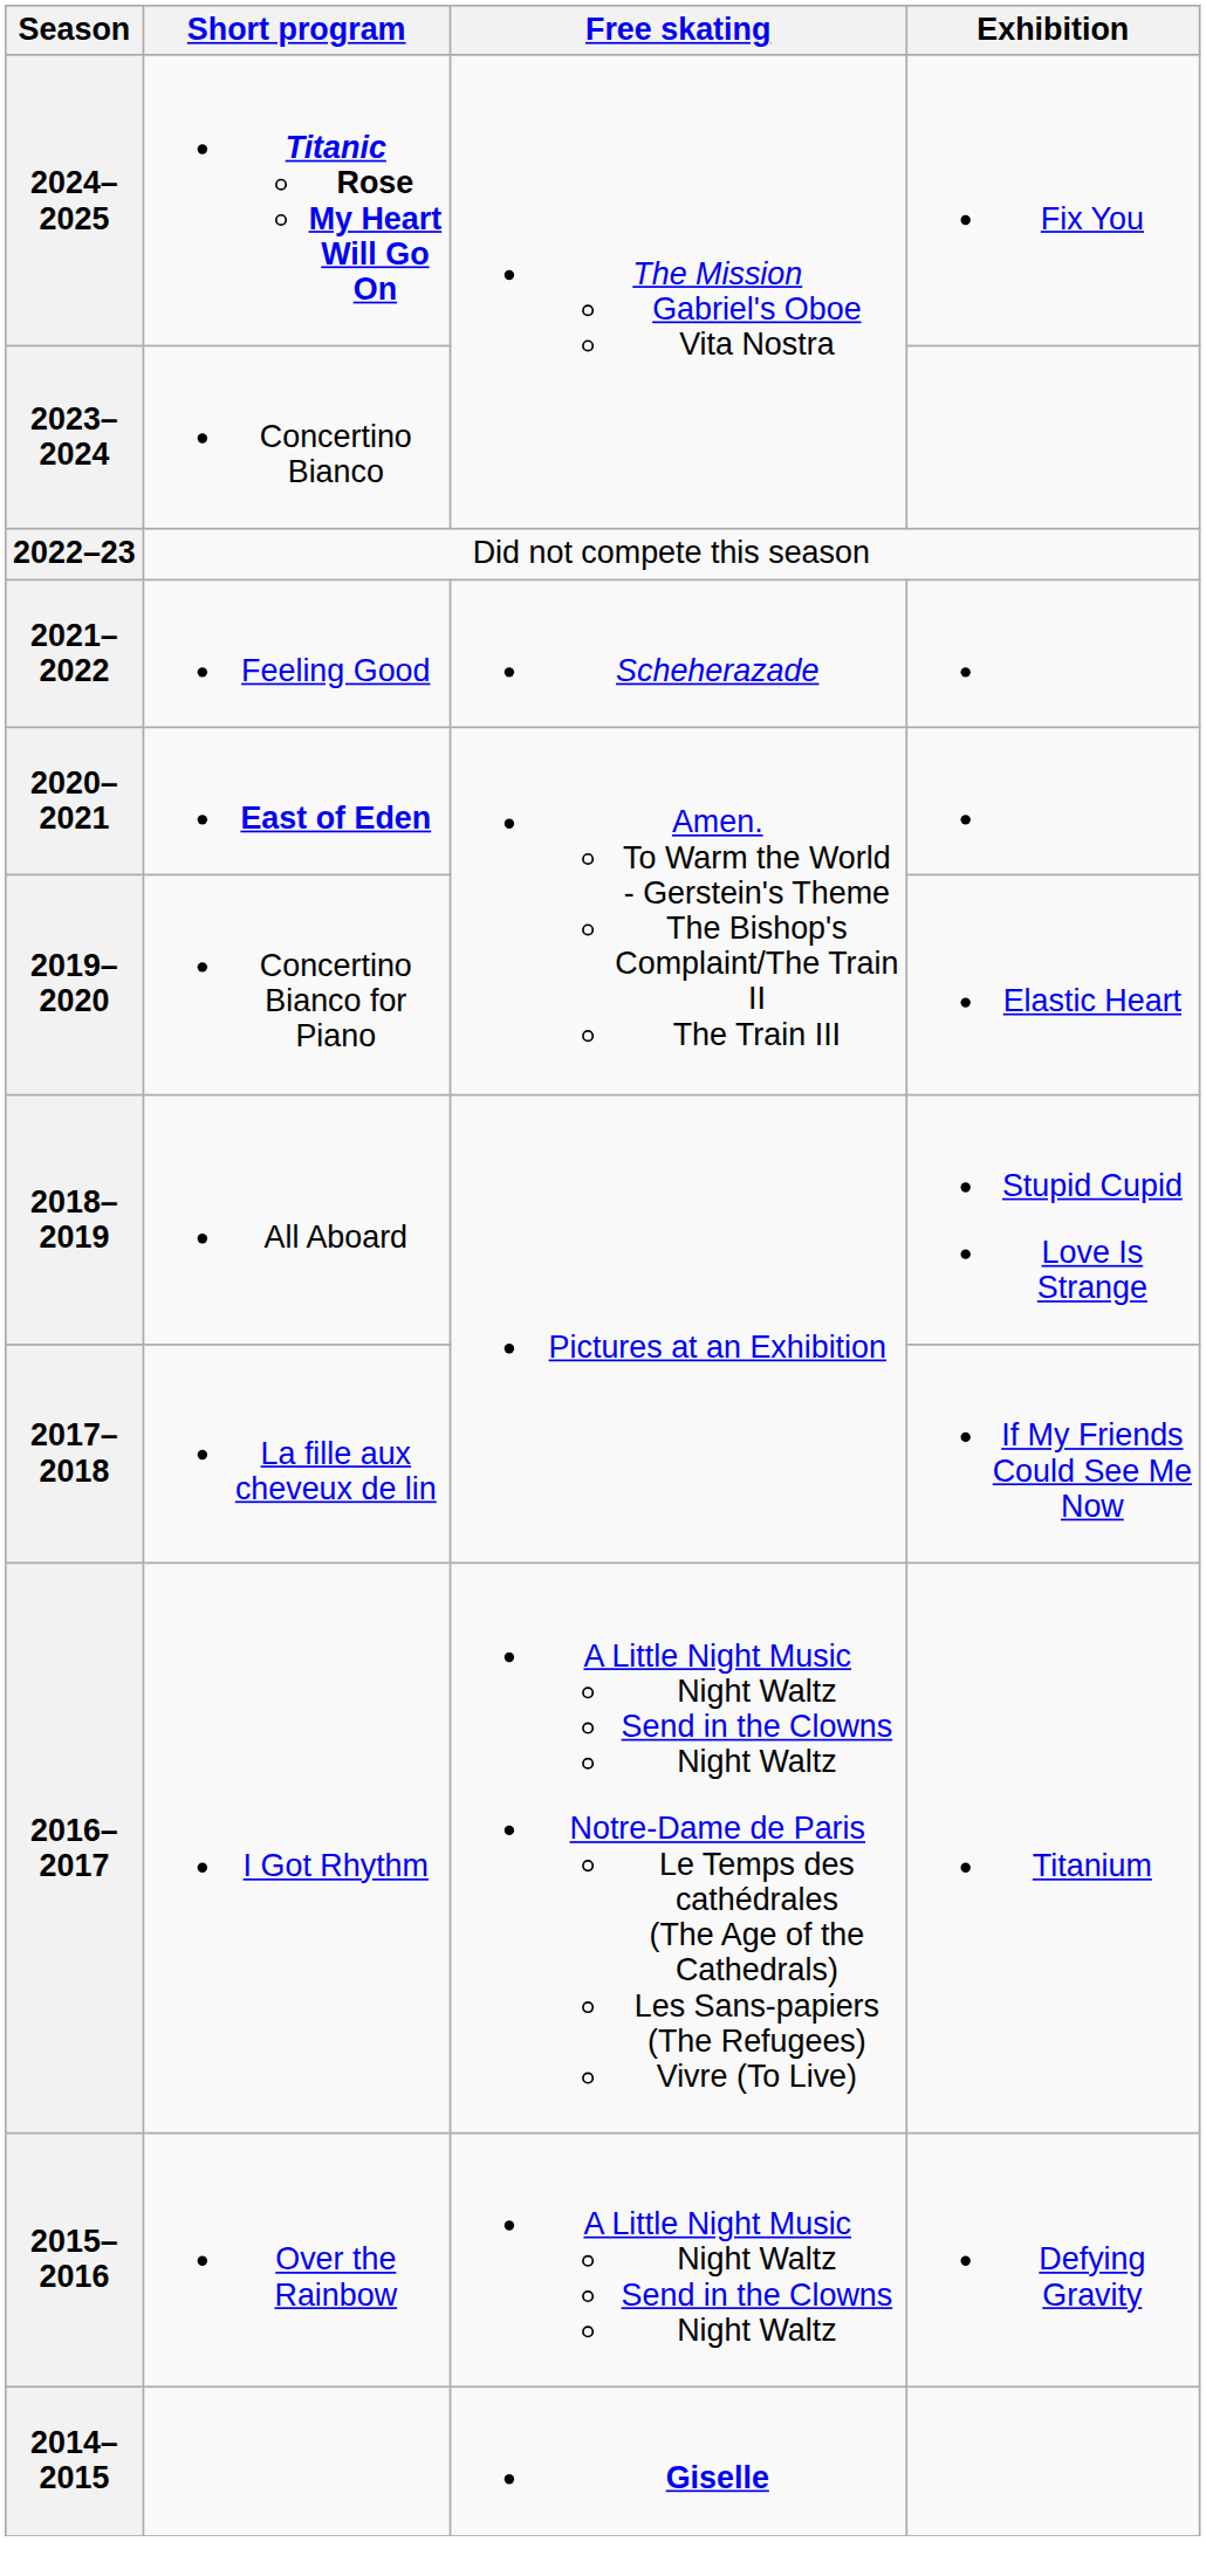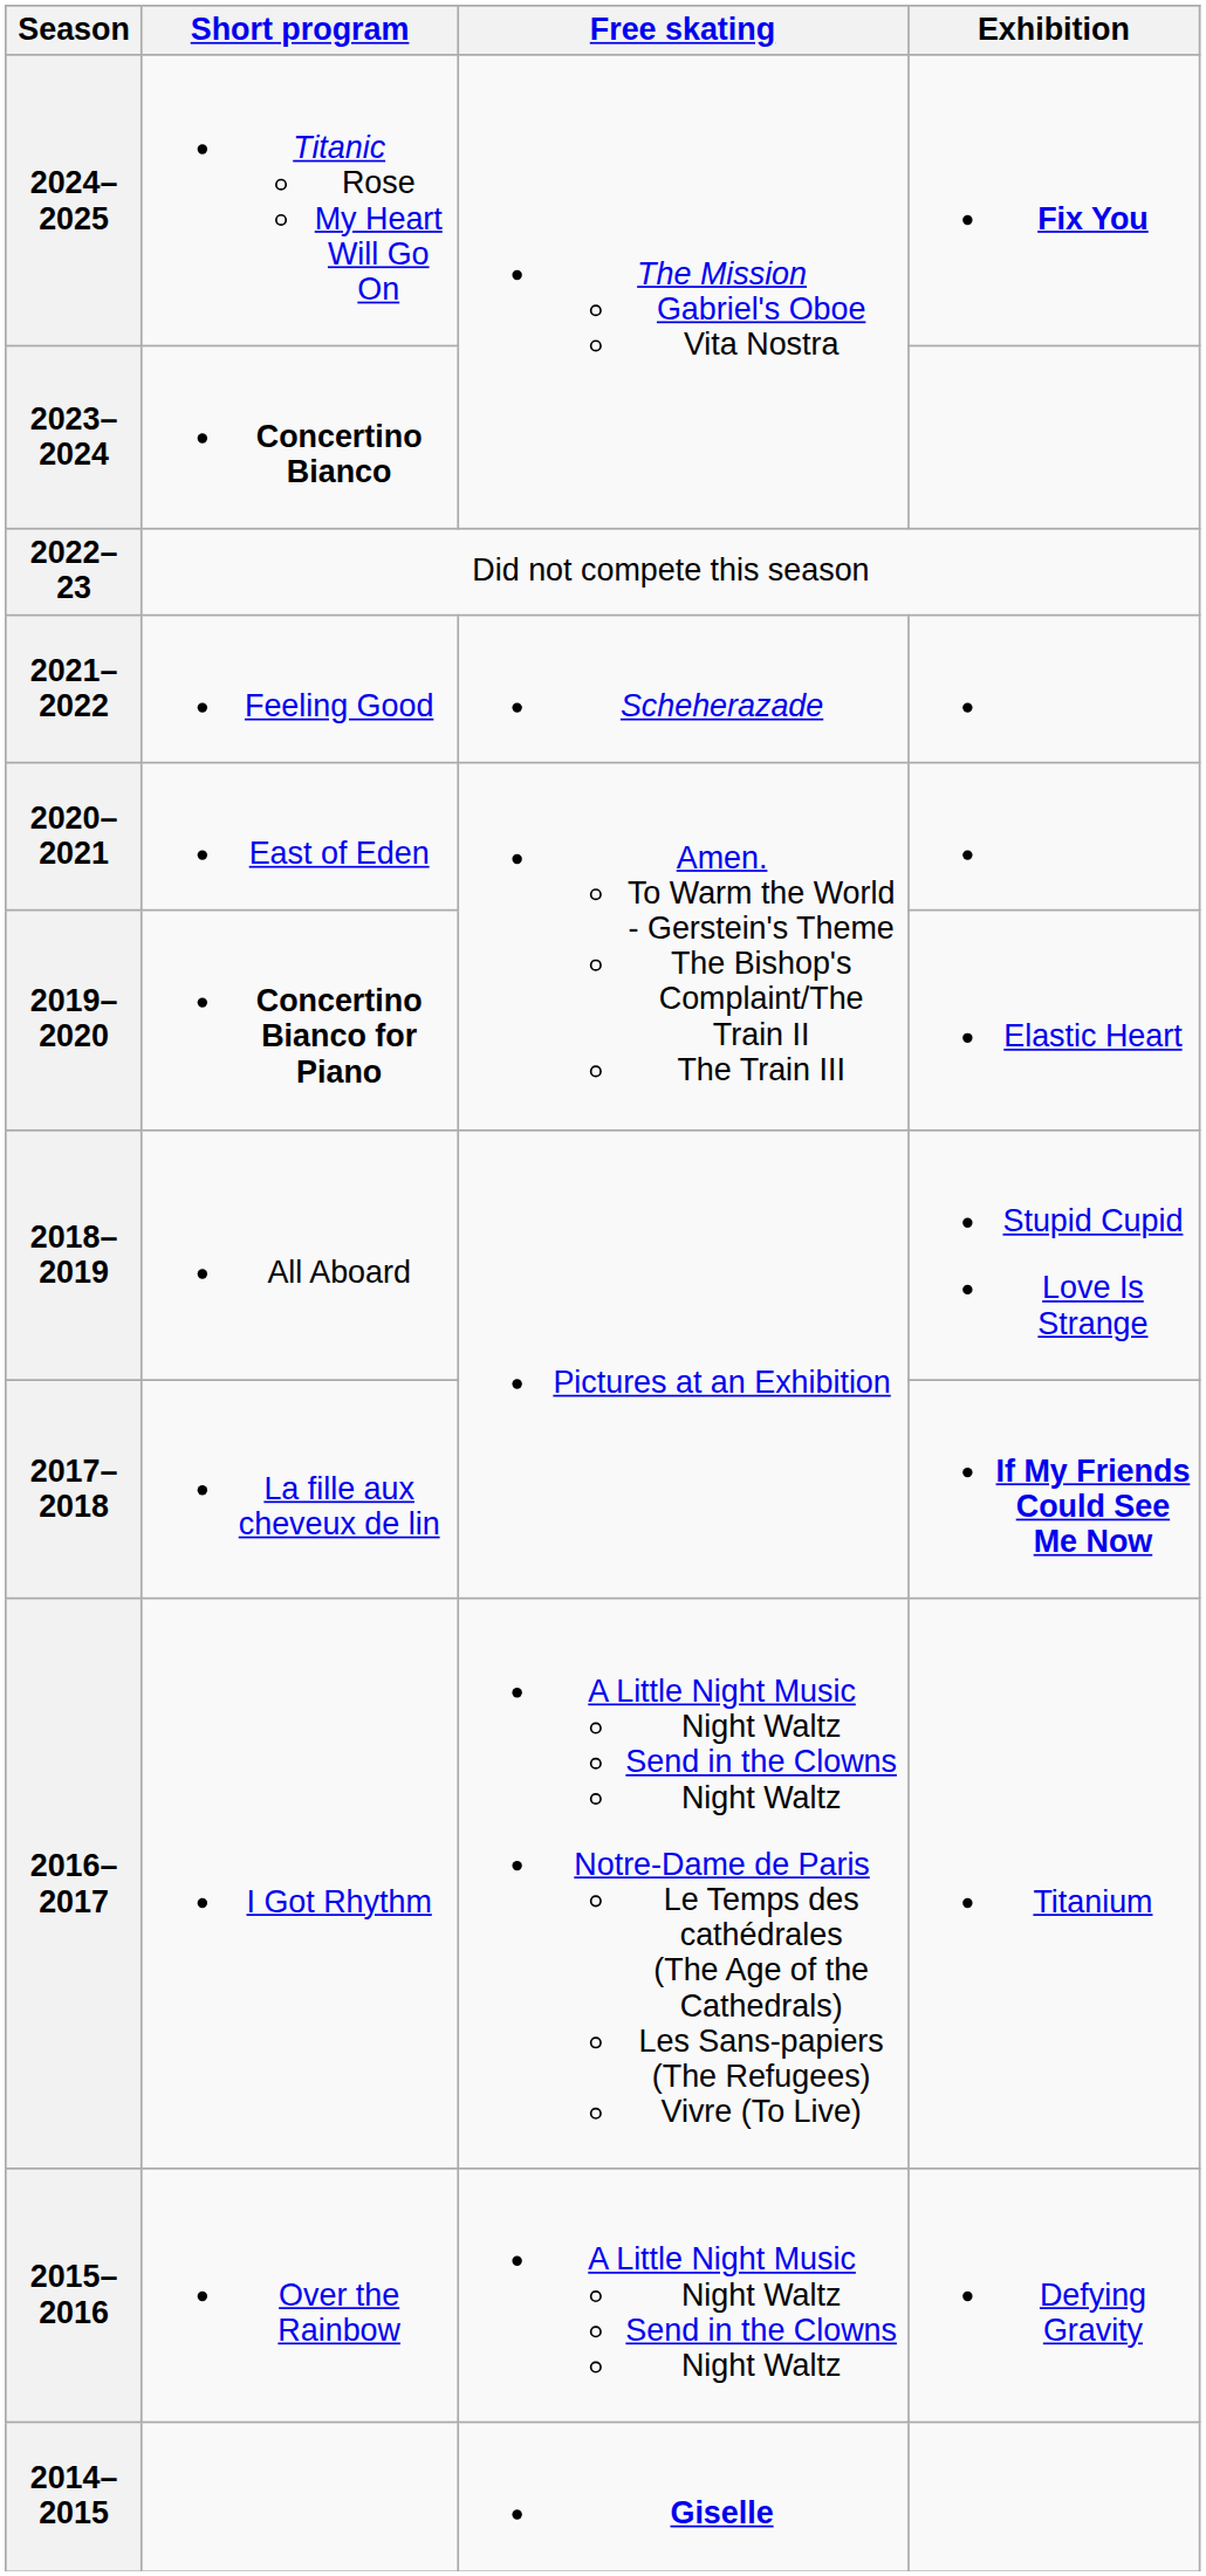 <table class=wikitable style=text-align:center>
 <tr>
 <th>Season</th>
 <th><a href='#'>Short program</a></th>
 <th><a href='#'>Free skating</a></th>
 <th>Exhibition</th>
 </tr>
 <tr>
 <th>2024–2025 <br> </th>
-<td><strong><br><ul><li><em><a href='#'>Titanic</a></em><ul><li>Rose <br> </li><li><a href='#'>My Heart Will Go On</a> <br> </li></ul></li></ul></strong></td>
+<td><br><ul><li><em><a href='#'>Titanic</a></em><ul><li>Rose <br> </li><li><a href='#'>My Heart Will Go On</a> <br> </li></ul></li></ul></td>
 <td rowspan=2><br><ul><li><em><a href='#'>The Mission</a></em><ul><li><a href='#'>Gabriel's Oboe</a></li><li>Vita Nostra <br> </li></ul></li></ul></td>
-<td><br><ul><li><a href='#'>Fix You</a> <br> </li></ul></td>
+<td><strong><br><ul><li><a href='#'>Fix You</a> <br> </li></ul></strong></td>
 </tr>
 <tr>
 <th>2023–2024 <br> </th>
-<td><br><ul><li>Concertino Bianco <br> </li></ul></td>
+<td><strong><br><ul><li>Concertino Bianco <br> </li></ul></strong></td>
 <td></td>
 </tr>
 <tr>
 <th scope="row">2022–23 <br> </th>
 <td colspan=3>Did not compete this season</td>
 </tr>
 <tr>
 <th>2021–2022 <br> </th>
 <td><br><ul><li><a href='#'>Feeling Good</a> <br> </li></ul></td>
 <td><br><ul><li><em><a href='#'>Scheherazade</a></em> <br> </li></ul></td>
 <td><br><ul><li></li></ul></td>
 </tr>
 <tr>
 <th>2020–2021 <br></th>
-<td><strong><br><ul><li><a href='#'>East of Eden</a> <br></li></ul></strong></td>
+<td><br><ul><li><a href='#'>East of Eden</a> <br></li></ul></td>
 <td rowspan=2><br><ul><li><a href='#'>Amen.</a><ul><li>To Warm the World - Gerstein's Theme</li><li>The Bishop's Complaint/The Train II</li><li>The Train III<br></li></ul></li></ul></td>
 <td><br><ul><li></li></ul></td>
 </tr>
 <tr>
 <th>2019–2020 <br></th>
-<td><br><ul><li>Concertino Bianco for Piano <br></li></ul></td>
+<td><strong><br><ul><li>Concertino Bianco for Piano <br></li></ul></strong></td>
 <td><br><ul><li><a href='#'>Elastic Heart</a> <br></li></ul></td>
 </tr>
 <tr>
 <th>2018–2019 <br></th>
 <td><br><ul><li>All Aboard <br></li></ul></td>
 <td rowspan=2><br><ul><li><a href='#'>Pictures at an Exhibition</a> <br></li></ul></td>
 <td><br><ul><li><a href='#'>Stupid Cupid</a> <br></li></ul><ul><li><a href='#'>Love Is Strange</a> <br></li></ul></td>
 </tr>
 <tr>
 <th>2017–2018 <br></th>
 <td><br><ul><li><a href='#'>La fille aux cheveux de lin</a> <br></li></ul></td>
-<td><br><ul><li><a href='#'>If My Friends Could See Me Now</a> <br></li></ul></td>
+<td><strong><br><ul><li><a href='#'>If My Friends Could See Me Now</a> <br></li></ul></strong></td>
 </tr>
 <tr>
 <th>2016–2017 <br> </th>
 <td><br><ul><li><a href='#'>I Got Rhythm</a> <br></li></ul></td>
 <td><br><ul><li><a href='#'>A Little Night Music</a> <br><ul><li>Night Waltz</li><li><a href='#'>Send in the Clowns</a></li><li>Night Waltz <br></li></ul></li></ul><ul><li><a href='#'>Notre-Dame de Paris</a> <br><ul><li>Le Temps des cathédrales <br>(The Age of the Cathedrals)</li><li>Les Sans-papiers <br> (The Refugees)</li><li>Vivre (To Live) <br></li></ul></li></ul></td>
 <td><br><ul><li><a href='#'>Titanium</a> <br></li></ul></td>
 </tr>
 <tr>
 <th>2015–2016 <br> </th>
 <td><br><ul><li><a href='#'>Over the Rainbow</a> <br></li></ul></td>
 <td><br><ul><li><a href='#'>A Little Night Music</a> <br><ul><li>Night Waltz</li><li><a href='#'>Send in the Clowns</a></li><li>Night Waltz <br></li></ul></li></ul></td>
 <td><br><ul><li><a href='#'>Defying Gravity</a> <br></li></ul></td>
 </tr>
 <tr>
 <th>2014–2015</th>
 <td></td>
 <td><strong><br><ul><li><a href='#'>Giselle</a> <br></li></ul></strong></td>
 <td></td>
 </tr>
 </table>
